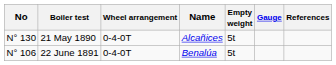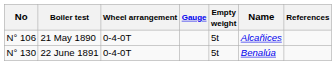 <table class="wikitable sortable">
 <tr>
 <th>No</th>
 <th><small>Boiler test</small></th>
 <th><small>Wheel arrangement</small></th>
+<th><small><a href='#'>Gauge</a></small></th>
+<th><small>Empty<br>weight</small></th>
 <th>Name</th>
-<th><small>Empty<br>weight</small></th>
-<th><small><a href='#'>Gauge</a></small></th>
 <th><small>Refe­rences</small></th>
 </tr>
 <tr>
-<td>N° 130</td>
+<td>N° 106</td>
 <td>21 May 1890</td>
 <td>0-4-0T</td>
+<td></td>
+<td>5t</td>
 <td><em><a href='#'>Alcañices</a></em></td>
-<td>5t</td>
-<td></td>
 <td></td>
 </tr>
 <tr>
-<td>N° 106</td>
+<td>N° 130</td>
 <td>22 June 1891</td>
 <td>0-4-0T</td>
+<td></td>
+<td>5t</td>
 <td><em><a href='#'>Benalúa</a></em></td>
-<td>5t</td>
-<td></td>
 <td></td>
 </tr>
 </table>
